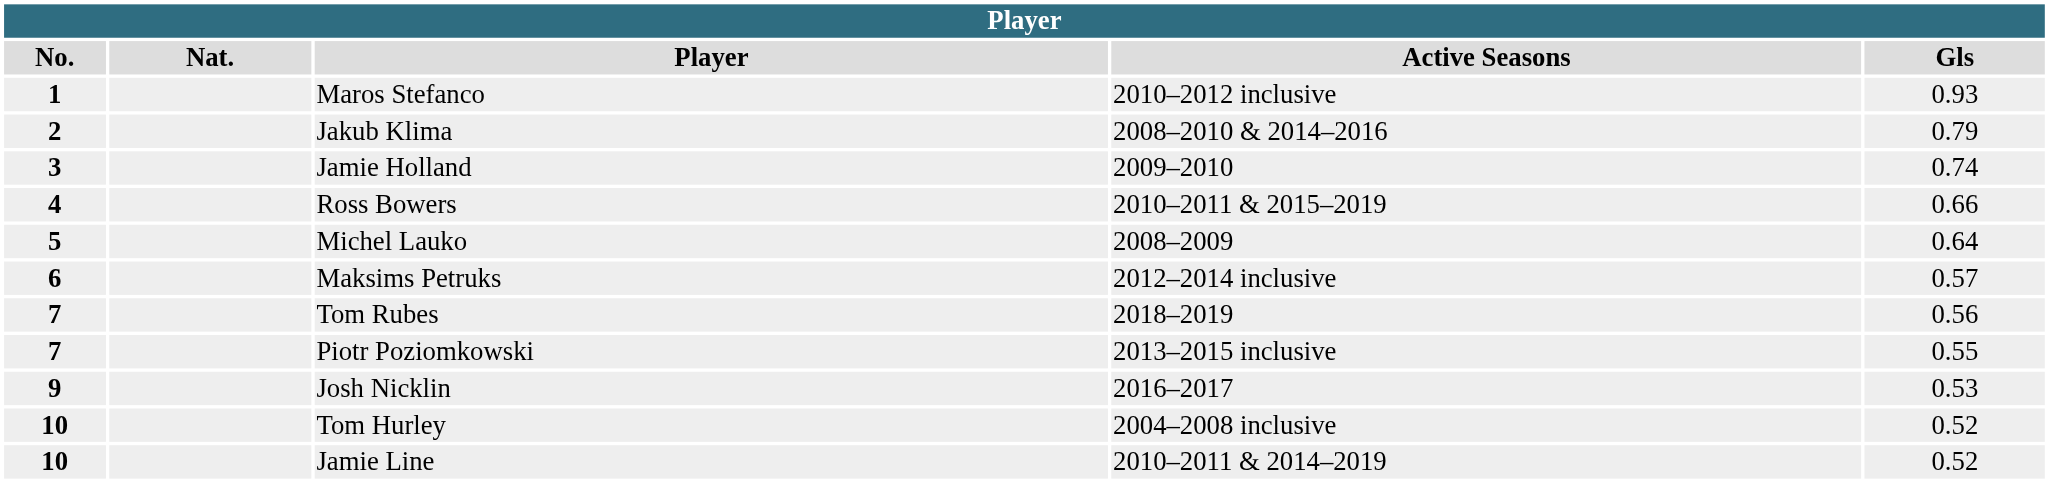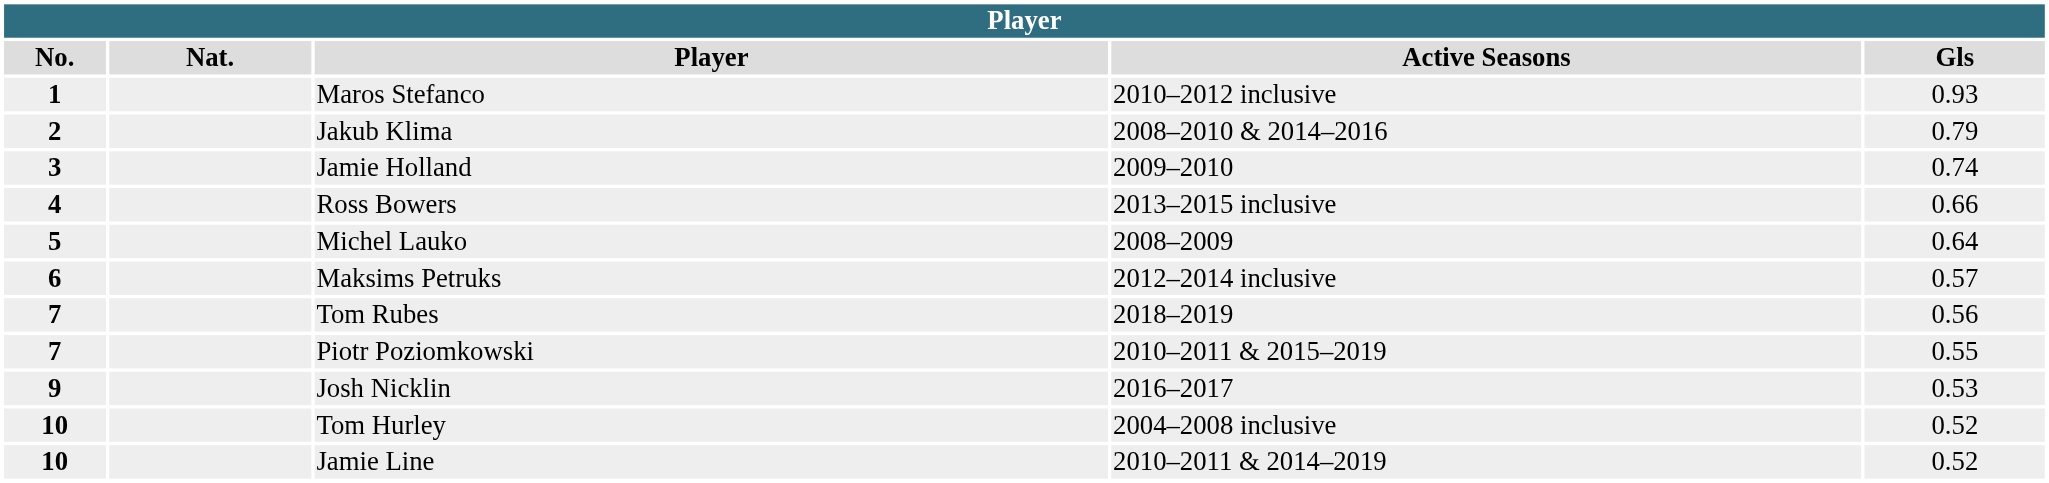 <table class="toccolours"  style="width:97%; clear:both; margin:1.5em auto; text-align:center;">
 <tr>
 <th colspan="11" style="background:#2f6d81; color:white;”">Player</th>
 </tr>
 <tr style="background:#ddd;">
 <th width=5%>No.</th>
 <th width=10%>Nat.</th>
 <th !width=30%>Player</th>
 <th width=37%>Active Seasons</th>
 <th widith=18%>Gls</th>
 </tr>
 <tr style="background:#eee;">
 <td><strong>1</strong></td>
 <td></td>
 <td align=left>Maros Stefanco</td>
 <td align=left>2010–2012 inclusive</td>
 <td>0.93</td>
 </tr>
 <tr style="background:#eee;">
 <td><strong>2</strong></td>
 <td></td>
 <td align="left">Jakub Klima</td>
 <td align=left>2008–2010 & 2014–2016</td>
 <td>0.79</td>
 </tr>
 <tr style="background:#eee;">
 <td><strong>3</strong></td>
 <td></td>
 <td align=left>Jamie Holland</td>
 <td align=left>2009–2010</td>
 <td>0.74</td>
 </tr>
 <tr style="background:#eee;">
 <td><strong>4</strong></td>
 <td></td>
 <td align="left">Ross Bowers</td>
-<td align=left>2010–2011 & 2015–2019</td>
+<td align=left>2013–2015 inclusive</td>
 <td>0.66</td>
 </tr>
 <tr style="background:#eee;">
 <td><strong>5</strong></td>
 <td></td>
 <td align=left>Michel Lauko</td>
 <td align=left>2008–2009</td>
 <td>0.64</td>
 </tr>
 <tr style="background:#eee;">
 <td><strong>6</strong></td>
 <td></td>
 <td align=left>Maksims Petruks</td>
 <td align=left>2012–2014 inclusive</td>
 <td>0.57</td>
 </tr>
 <tr style="background:#eee;">
 <td><strong>7</strong></td>
 <td></td>
 <td align=left>Tom Rubes</td>
 <td align=left>2018–2019</td>
 <td>0.56</td>
 </tr>
 <tr style="background:#eee;">
 <td><strong>7</strong></td>
 <td></td>
 <td align=left>Piotr Poziomkowski</td>
-<td align=left>2013–2015 inclusive</td>
+<td align=left>2010–2011 & 2015–2019</td>
 <td>0.55</td>
 </tr>
 <tr style="background:#eee;">
 <td><strong>9</strong></td>
 <td></td>
 <td align=left>Josh Nicklin</td>
 <td align=left>2016–2017</td>
 <td>0.53</td>
 </tr>
 <tr style="background:#eee;">
 <td><strong>10</strong></td>
 <td></td>
 <td align=left>Tom Hurley</td>
 <td align=left>2004–2008 inclusive</td>
 <td>0.52</td>
 </tr>
 <tr style="background:#eee;">
 <td><strong>10</strong></td>
 <td></td>
 <td align=left>Jamie Line</td>
 <td align=left>2010–2011 & 2014–2019</td>
 <td>0.52</td>
 </tr>
 </table>
